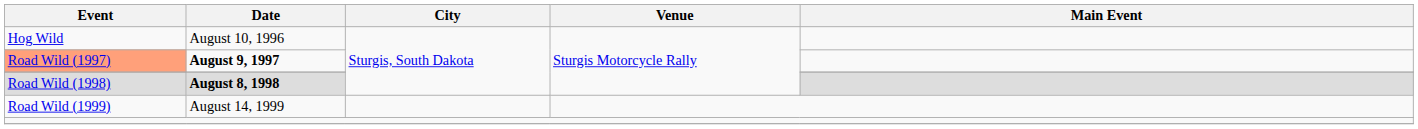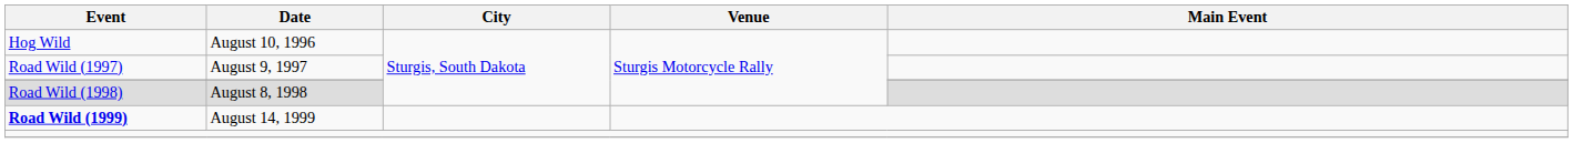 <table class="wikitable" align="center" width="100%">
 <tr>
 <th width="8%">Event</th>
 <th width="7%">Date</th>
 <th width="9%">City</th>
 <th width="11%">Venue</th>
 <th width="27%">Main Event</th>
 </tr>
 <tr>
 <td><a href='#'>Hog Wild</a></td>
 <td>August 10, 1996</td>
 <td rowspan="4"><a href='#'>Sturgis, South Dakota</a></td>
 <td rowspan="4"><a href='#'>Sturgis Motorcycle Rally</a></td>
 <td></td>
 </tr>
 <tr>
-<td style="background: lightsalmon;"><a href='#'>Road Wild (1997)</a></td>
-<td><strong>August 9, 1997</strong></td>
+<td><a href='#'>Road Wild (1997)</a></td>
+<td>August 9, 1997</td>
 <td></td>
 </tr>
 <tr>
 </tr>
 <tr bgcolor="#ddd">
 <td><a href='#'>Road Wild (1998)</a></td>
-<td><strong>August 8, 1998</strong></td>
+<td>August 8, 1998</td>
 <td></td>
 </tr>
 <tr>
-<td><a href='#'>Road Wild (1999)</a></td>
+<td><strong><a href='#'>Road Wild (1999)</a></strong></td>
 <td>August 14, 1999</td>
 <td></td>
 </tr>
 <tr>
 <td colspan="10"></td>
 </tr>
 <tr>
 </tr>
 </table>
